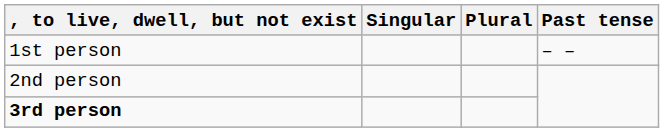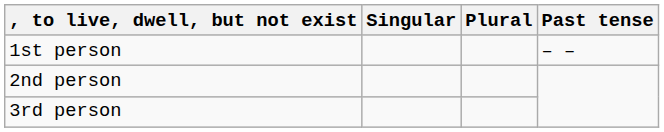 <table class="wikitable">
 <tr>
 <th>, to live, dwell, but not exist</th>
 <th>Singular</th>
 <th>Plural</th>
 <th>Past tense</th>
 </tr>
 <tr>
 <td>1st person</td>
 <td></td>
 <td></td>
 <td> –  – </td>
 </tr>
 <tr>
 <td>2nd person</td>
 <td></td>
 <td></td>
 </tr>
 <tr>
-<td><strong>3rd person</strong></td>
+<td>3rd person</td>
 <td></td>
 <td></td>
 </tr>
 </table>
